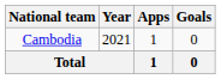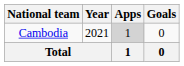 <table class="wikitable" style="text-align:center">
 <tr>
 <th>National team</th>
 <th>Year</th>
 <th>Apps</th>
 <th>Goals</th>
 </tr>
 <tr>
 <td rowspan="1"><a href='#'>Cambodia</a></td>
 <td>2021</td>
-<td>1</td>
+<td style="background: lightgrey;">1</td>
 <td>0</td>
 </tr>
 <tr>
 <th colspan=2>Total</th>
 <th>1</th>
 <th>0</th>
 </tr>
 </table>
